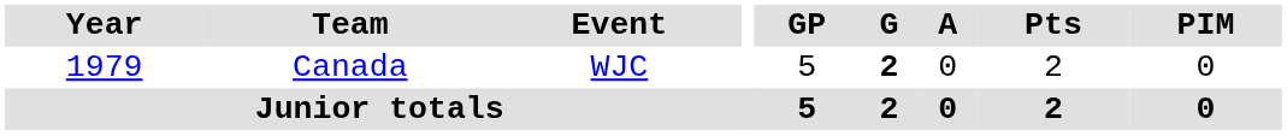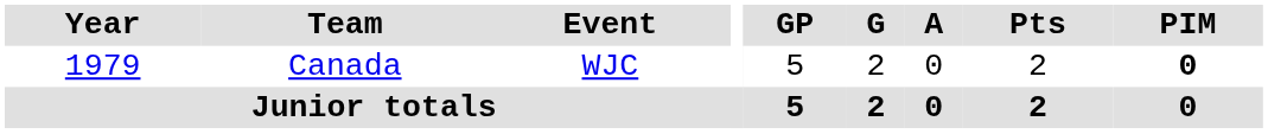 <table border="0" cellpadding="1" cellspacing="0" ID="Table3" style="text-align:center; width:40em">
 <tr bgcolor="#e0e0e0">
 <th>Year</th>
 <th>Team</th>
 <th>Event</th>
 <th rowspan="102" bgcolor="#ffffff"></th>
 <th>GP</th>
 <th>G</th>
 <th>A</th>
 <th>Pts</th>
 <th>PIM</th>
 </tr>
 <tr>
 <td><a href='#'>1979</a></td>
 <td><a href='#'>Canada</a></td>
 <td><a href='#'>WJC</a></td>
 <td>5</td>
-<td><strong>2</strong></td>
+<td>2</td>
 <td>0</td>
 <td>2</td>
-<td>0</td>
+<td><strong>0</strong></td>
 </tr>
 <tr bgcolor="#e0e0e0">
 <th colspan="4">Junior totals</th>
 <th>5</th>
 <th>2</th>
 <th>0</th>
 <th>2</th>
 <th>0</th>
 </tr>
 </table>
